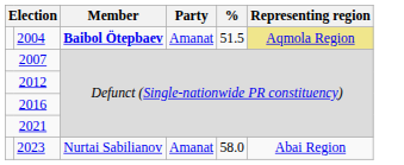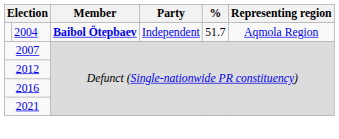 <table class="wikitable">
 <tr>
 <th colspan="2">Election</th>
 <th>Member</th>
 <th>Party</th>
 <th>%</th>
 <th>Representing region</th>
 </tr>
 <tr>
 <td style="background-color: "></td>
 <td><a href='#'>2004</a></td>
 <td><strong><a href='#'>Baibol Ötepbaev</a></strong></td>
-<td><a href='#'>Amanat</a></td>
-<td align="right">51.5</td>
-<td align="center" style="background: khaki;"><a href='#'>Aqmola Region</a></td>
+<td><a href='#'>Independent</a></td>
+<td align="right">51.7</td>
+<td align="center"><a href='#'>Aqmola Region</a></td>
 </tr>
 <tr>
 <td colspan="2" align="center"><a href='#'>2007</a></td>
 <td colspan="4" rowspan="4" align="center" style="background-color:#DCDCDC"><em>Defunct (<a href='#'>Single-nationwide PR constituency</a>)</em></td>
 </tr>
 <tr>
 <td colspan="2" align="center"><a href='#'>2012</a></td>
 </tr>
 <tr>
 <td colspan="2" align="center"><a href='#'>2016</a></td>
 </tr>
 <tr>
 <td colspan="2" align="center"><a href='#'>2021</a></td>
 </tr>
-<tr>
-<td style="background-color: "></td>
-<td><a href='#'>2023</a></td>
-<td><a href='#'>Nurtai Sabilianov</a></td>
-<td><a href='#'>Amanat</a></td>
-<td align="right">58.0</td>
-<td align="center"><a href='#'>Abai Region</a></td>
-</tr>
 </table>
